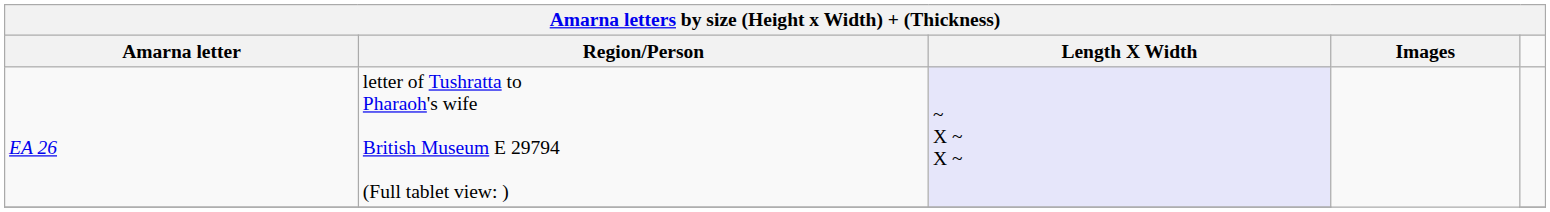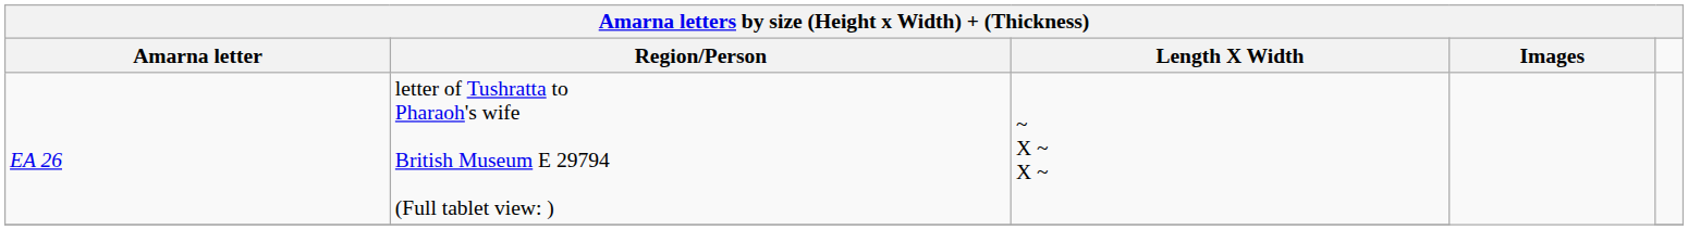 <table class="wikitable" align="center" width="100%">
 <tr>
 <th colspan="5" align="center"><strong><a href='#'>Amarna letters</a> by size (Height x Width) + (Thickness)</strong></th>
 </tr>
 <tr>
 <th>Amarna letter</th>
 <th>Region/Person</th>
 <th>Length X Width</th>
 <th>Images</th>
 </tr>
 <tr>
 <td><br><em><a href='#'>EA 26</a></em></td>
 <td>letter of <a href='#'>Tushratta</a> to <br><a href='#'>Pharaoh</a>'s wife <br><br><a href='#'>British Museum</a> E 29794 <br><br> (Full tablet view: )</td>
-<td style="background: lavender;">~ <br>X ~ <br>X ~</td>
+<td>~ <br>X ~ <br>X ~</td>
 <td rowspan="99"><br></td>
 <td></td>
 </tr>
 <tr>
 </tr>
 </table>
